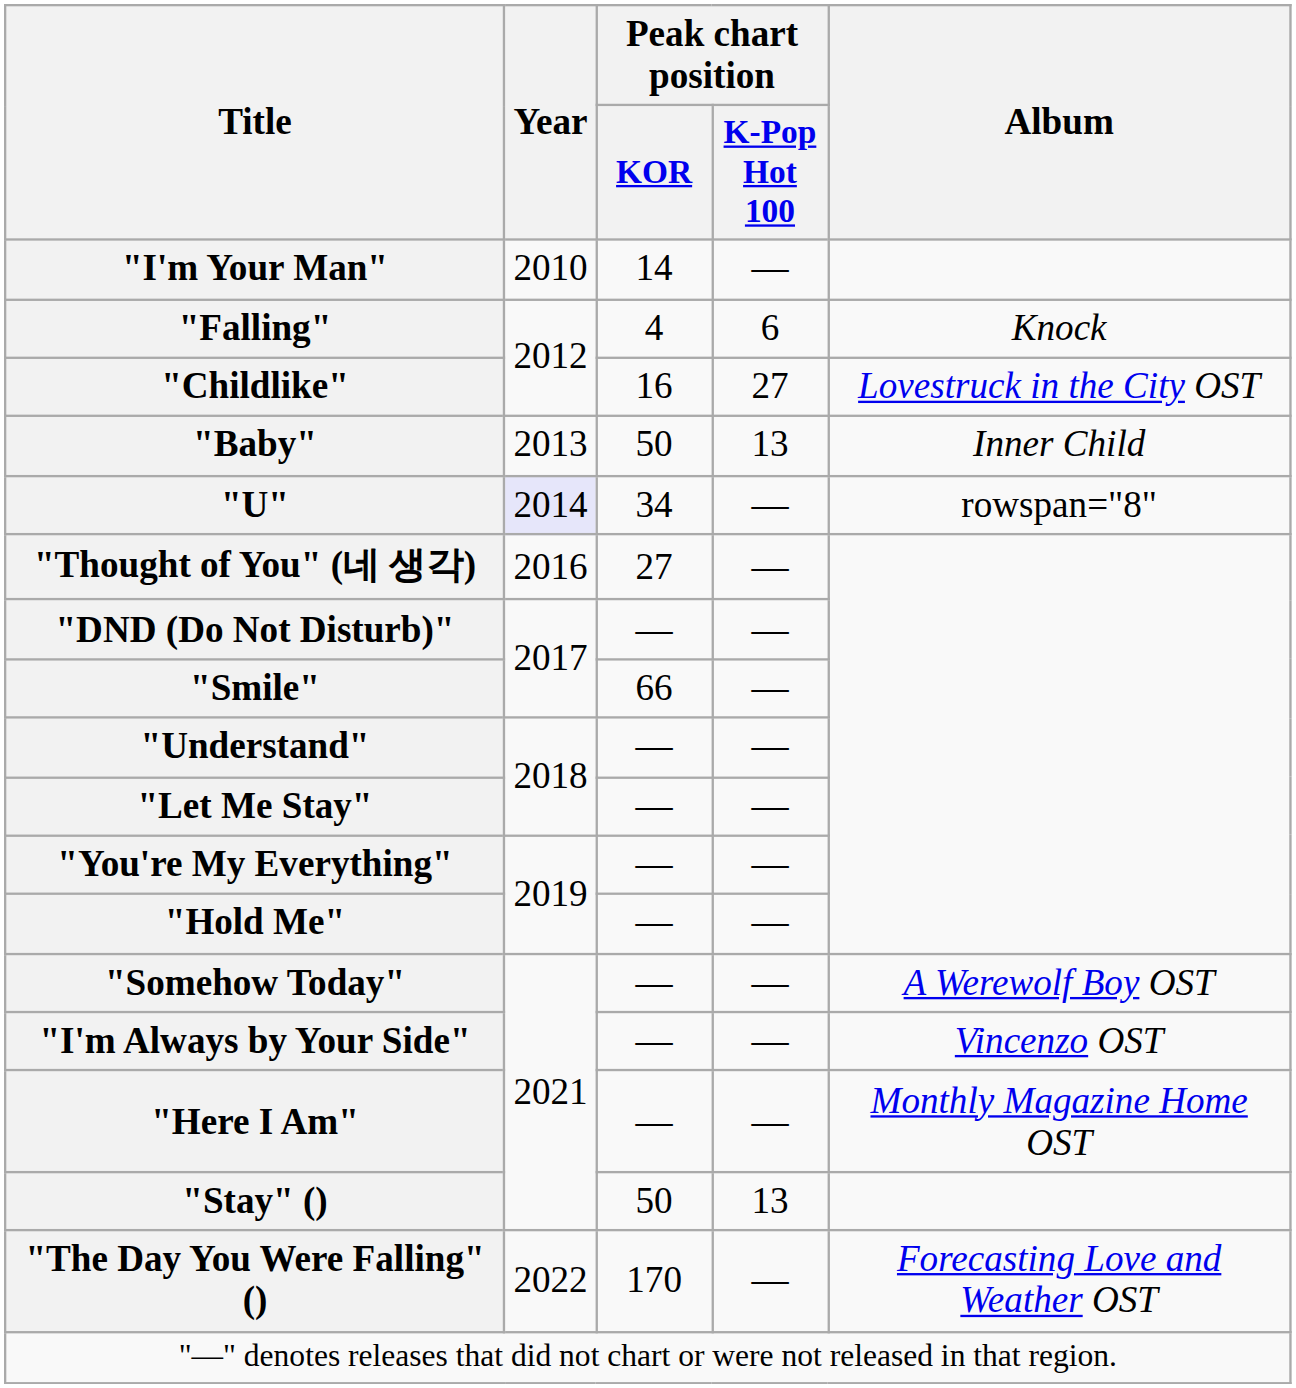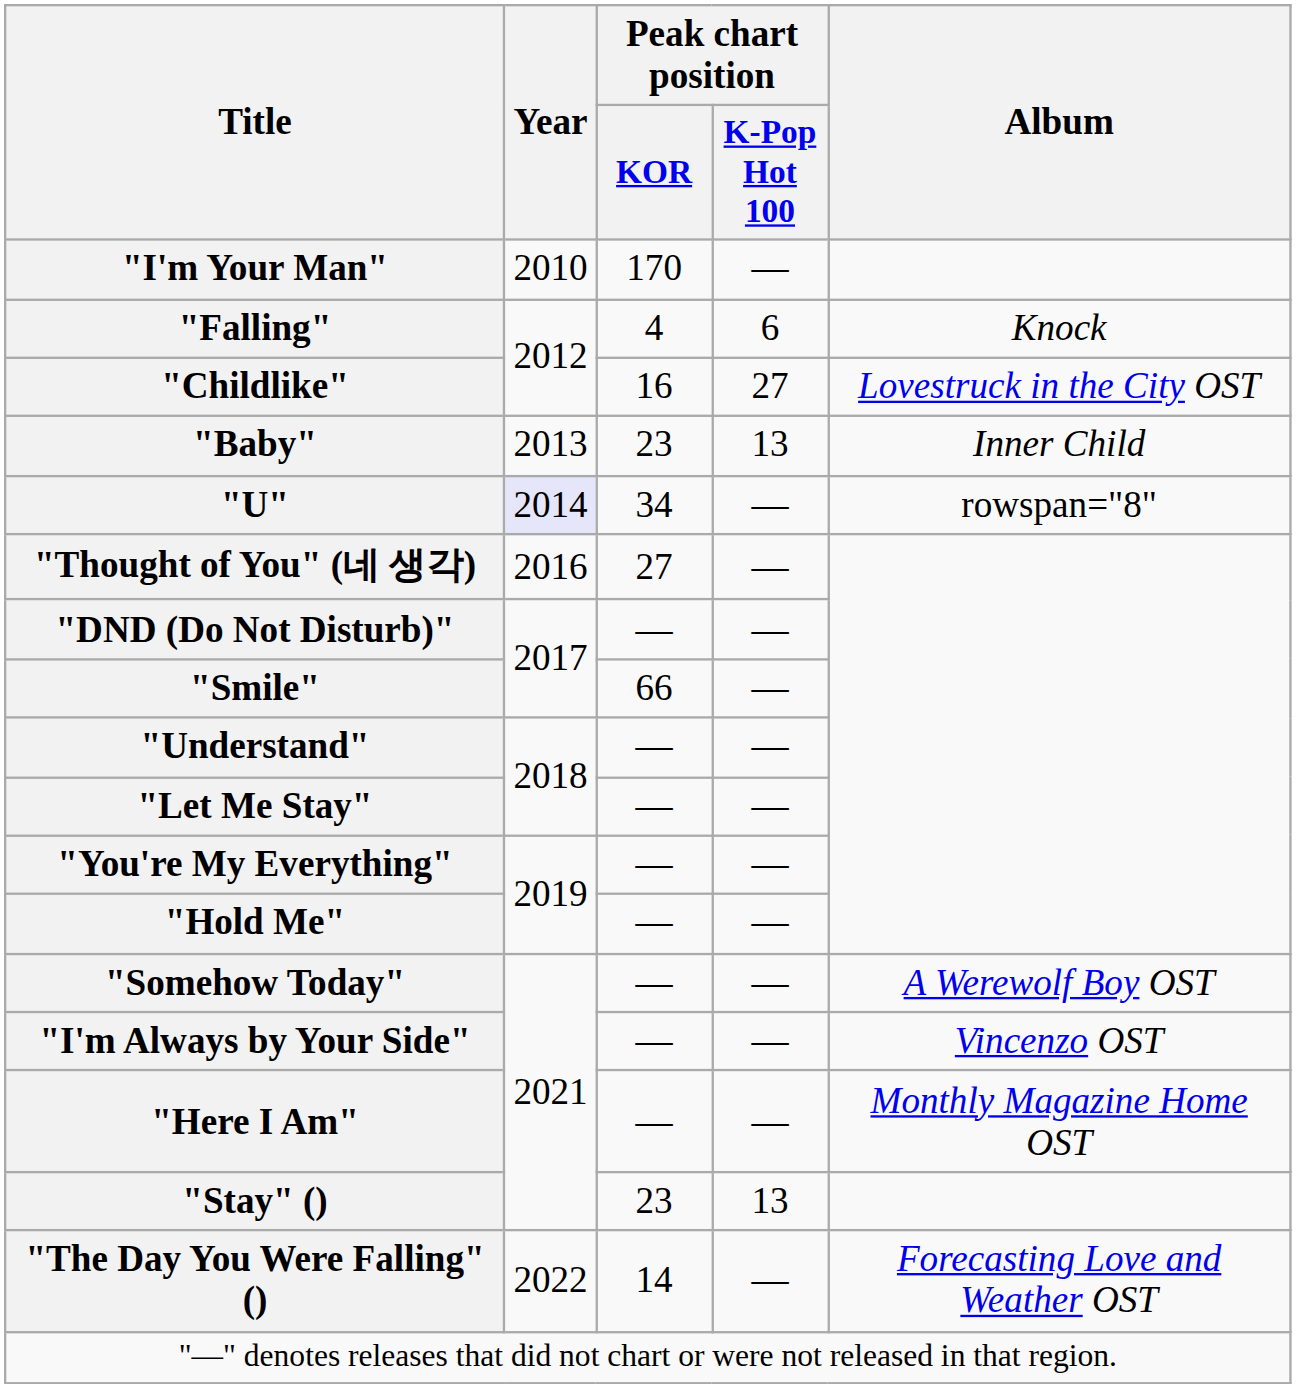 <table class="wikitable plainrowheaders" style="text-align:center;">
 <tr>
 <th scope="col" rowspan="2" style="width:13em;">Title</th>
 <th scope="col" rowspan="2">Year</th>
 <th scope="col" colspan="2">Peak chart position</th>
 <th scope="col" rowspan="2" style="width:12em;">Album</th>
 </tr>
 <tr>
 <th scope="col" style="width:3em;font-size:90%;"><a href='#'>KOR</a><br></th>
 <th scope="col" style="width:3em;font-size:90%;"><a href='#'>K-Pop<br>Hot 100</a><br></th>
 </tr>
 <tr>
 <th scope="row">"I'm Your Man"</th>
 <td>2010</td>
-<td>14</td>
+<td>170</td>
 <td>—</td>
 <td></td>
 </tr>
 <tr>
 <th scope="row">"Falling"</th>
 <td rowspan="2">2012</td>
 <td>4</td>
 <td>6</td>
 <td><em>Knock</em></td>
 </tr>
 <tr>
 <th scope="row">"Childlike"</th>
 <td>16</td>
 <td>27</td>
 <td><em><a href='#'>Lovestruck in the City</a> OST</em></td>
 </tr>
 <tr>
 <th scope="row">"Baby"</th>
 <td>2013</td>
-<td>50</td>
+<td>23</td>
 <td>13</td>
 <td><em>Inner Child</em></td>
 </tr>
 <tr>
 <th scope="row">"U"</th>
 <td style="background: lavender;">2014</td>
 <td>34</td>
 <td>—</td>
 <td>rowspan="8" </td>
 </tr>
 <tr>
 <th scope="row">"Thought of You" (네 생각)</th>
 <td>2016</td>
 <td>27</td>
 <td>—</td>
 </tr>
 <tr>
 <th scope="row">"DND (Do Not Disturb)"</th>
 <td rowspan="2">2017</td>
 <td>—</td>
 <td>—</td>
 </tr>
 <tr>
 <th scope="row">"Smile"</th>
 <td>66</td>
 <td>—</td>
 </tr>
 <tr>
 <th scope="row">"Understand"</th>
 <td rowspan="2">2018</td>
 <td>—</td>
 <td>—</td>
 </tr>
 <tr>
 <th scope="row">"Let Me Stay"</th>
 <td>—</td>
 <td>—</td>
 </tr>
 <tr>
 <th scope="row">"You're My Everything"</th>
 <td rowspan="2">2019</td>
 <td>—</td>
 <td>—</td>
 </tr>
 <tr>
 <th scope="row">"Hold Me"</th>
 <td>—</td>
 <td>—</td>
 </tr>
 <tr>
 <th scope="row">"Somehow Today"</th>
 <td rowspan="4">2021</td>
 <td>—</td>
 <td>—</td>
 <td><em><a href='#'>A Werewolf Boy</a> OST</em></td>
 </tr>
 <tr>
 <th scope="row">"I'm Always by Your Side"</th>
 <td>—</td>
 <td>—</td>
 <td><em><a href='#'>Vincenzo</a> OST</em></td>
 </tr>
 <tr>
 <th scope="row">"Here I Am"</th>
 <td>—</td>
 <td>—</td>
 <td><em><a href='#'>Monthly Magazine Home</a> OST</em></td>
 </tr>
 <tr>
 <th scope="row">"Stay" ()<br></th>
-<td>50</td>
+<td>23</td>
 <td>13</td>
 <td></td>
 </tr>
 <tr>
 <th scope="row">"The Day You Were Falling" ()</th>
 <td>2022</td>
-<td>170</td>
+<td>14</td>
 <td>—</td>
 <td><em><a href='#'>Forecasting Love and Weather</a> OST</em></td>
 </tr>
 <tr>
 <td colspan="5" style="font-size:85%;">"—" denotes releases that did not chart or were not released in that region.</td>
 </tr>
 </table>
